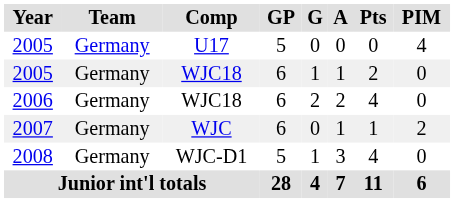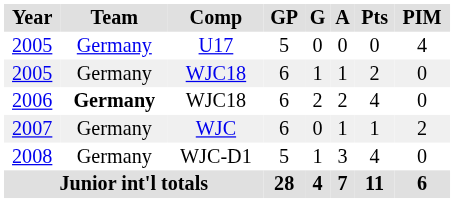 <table BORDER="0" CELLPADDING="2" CELLSPACING="0" width=40%>
 <tr ALIGN="center" bgcolor="#e0e0e0">
 <th>Year</th>
 <th>Team</th>
 <th>Comp</th>
 <th>GP</th>
 <th>G</th>
 <th>A</th>
 <th>Pts</th>
 <th>PIM</th>
 </tr>
 <tr ALIGN="center">
 <td><a href='#'>2005</a></td>
 <td><a href='#'>Germany</a></td>
 <td><a href='#'>U17</a></td>
 <td>5</td>
 <td>0</td>
 <td>0</td>
 <td>0</td>
 <td>4</td>
 </tr>
 <tr ALIGN="center" bgcolor="#f0f0f0">
 <td><a href='#'>2005</a></td>
 <td>Germany</td>
 <td><a href='#'>WJC18</a></td>
 <td>6</td>
 <td>1</td>
 <td>1</td>
 <td>2</td>
 <td>0</td>
 </tr>
 <tr ALIGN="center">
 <td><a href='#'>2006</a></td>
-<td>Germany</td>
+<td><strong>Germany</strong></td>
 <td>WJC18</td>
 <td>6</td>
 <td>2</td>
 <td>2</td>
 <td>4</td>
 <td>0</td>
 </tr>
 <tr ALIGN="center" bgcolor="#f0f0f0">
 <td><a href='#'>2007</a></td>
 <td>Germany</td>
 <td><a href='#'>WJC</a></td>
 <td>6</td>
 <td>0</td>
 <td>1</td>
 <td>1</td>
 <td>2</td>
 </tr>
 <tr ALIGN="center">
 <td><a href='#'>2008</a></td>
 <td>Germany</td>
 <td>WJC-D1</td>
 <td>5</td>
 <td>1</td>
 <td>3</td>
 <td>4</td>
 <td>0</td>
 </tr>
 <tr bgcolor="#e0e0e0">
 <th colspan="3">Junior int'l totals</th>
 <th>28</th>
 <th>4</th>
 <th>7</th>
 <th>11</th>
 <th>6</th>
 </tr>
 </table>
